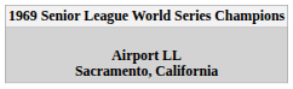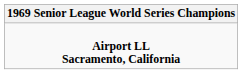 <table class="wikitable" style="text-align: center; margin: 0 auto;">
 <tr>
 <th>1969 Senior League World Series Champions</th>
 </tr>
 <tr>
-<td style="background: lightgrey;"><br><strong>Airport LL</strong><br><strong>Sacramento, California</strong></td>
+<td><br><strong>Airport LL</strong><br><strong>Sacramento, California</strong></td>
 </tr>
 </table>
